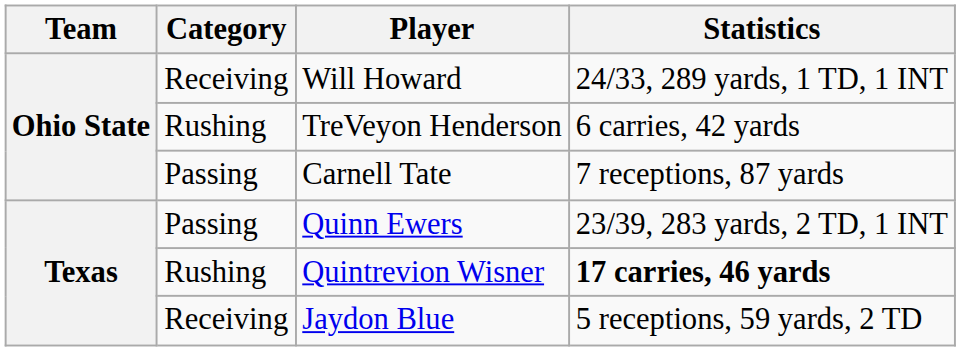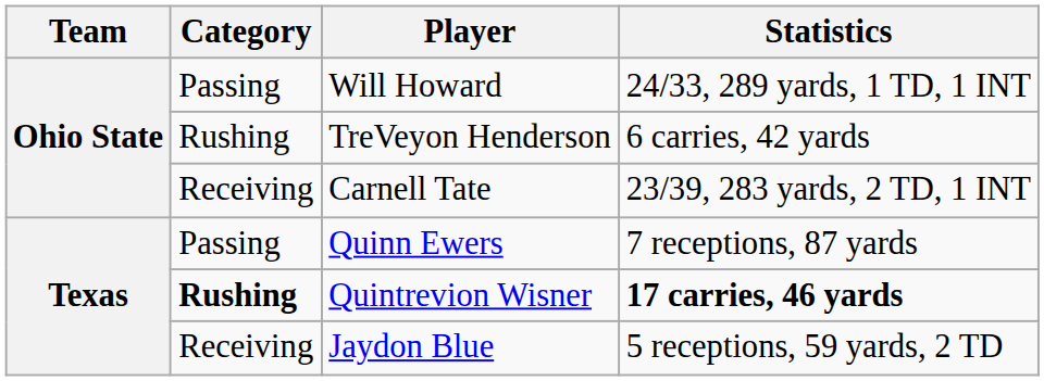 <table class="wikitable" style="float:right">
 <tr>
 <th>Team</th>
 <th>Category</th>
 <th>Player</th>
 <th>Statistics</th>
 </tr>
 <tr>
 <th rowspan=3>Ohio State</th>
-<td>Receiving</td>
+<td>Passing</td>
 <td>Will Howard</td>
 <td>24/33, 289 yards, 1 TD, 1 INT</td>
 </tr>
 <tr>
 <td>Rushing</td>
 <td>TreVeyon Henderson</td>
 <td>6 carries, 42 yards</td>
 </tr>
 <tr>
-<td>Passing</td>
+<td>Receiving</td>
 <td>Carnell Tate</td>
-<td>7 receptions, 87 yards</td>
+<td>23/39, 283 yards, 2 TD, 1 INT</td>
 </tr>
 <tr>
 <th rowspan=3>Texas</th>
 <td>Passing</td>
 <td><a href='#'>Quinn Ewers</a></td>
-<td>23/39, 283 yards, 2 TD, 1 INT</td>
+<td>7 receptions, 87 yards</td>
 </tr>
 <tr>
-<td>Rushing</td>
+<td><strong>Rushing</strong></td>
 <td><a href='#'>Quintrevion Wisner</a></td>
 <td><strong>17 carries, 46 yards</strong></td>
 </tr>
 <tr>
 <td>Receiving</td>
 <td><a href='#'>Jaydon Blue</a></td>
 <td>5 receptions, 59 yards, 2 TD</td>
 </tr>
 </table>
